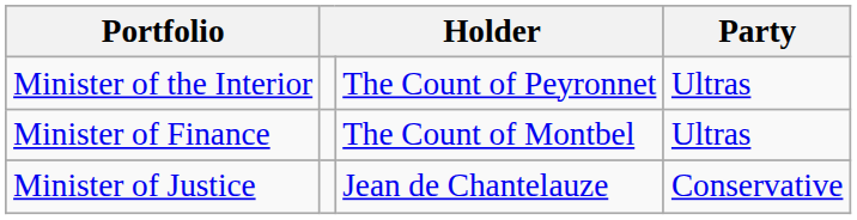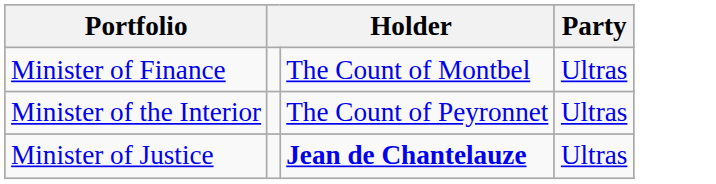 <table class="wikitable">
 <tr>
 <th>Portfolio</th>
 <th colspan=2>Holder</th>
 <th>Party</th>
+</tr>
+<tr>
+<td><a href='#'>Minister of Finance</a></td>
+<td style="background:"></td>
+<td><a href='#'>The Count of Montbel</a></td>
+<td><a href='#'>Ultras</a></td>
 </tr>
 <tr>
 <td><a href='#'>Minister of the Interior</a></td>
 <td style="background:"></td>
 <td><a href='#'>The Count of Peyronnet</a></td>
 <td><a href='#'>Ultras</a></td>
 </tr>
 <tr>
-<td><a href='#'>Minister of Finance</a></td>
+<td><a href='#'>Minister of Justice</a></td>
 <td style="background:"></td>
-<td><a href='#'>The Count of Montbel</a></td>
+<td><strong><a href='#'>Jean de Chantelauze</a></strong></td>
 <td><a href='#'>Ultras</a></td>
 </tr>
-<tr>
-<td><a href='#'>Minister of Justice</a></td>
-<td style="background:"></td>
-<td><a href='#'>Jean de Chantelauze</a></td>
-<td><a href='#'>Conservative</a></td>
-</tr>
 </table>
